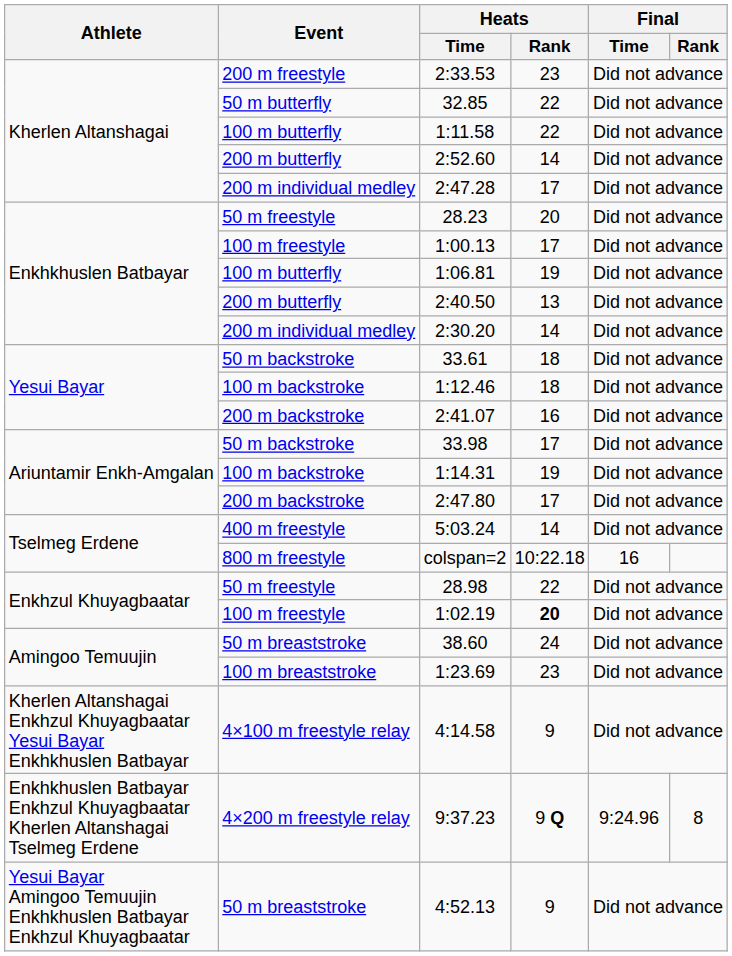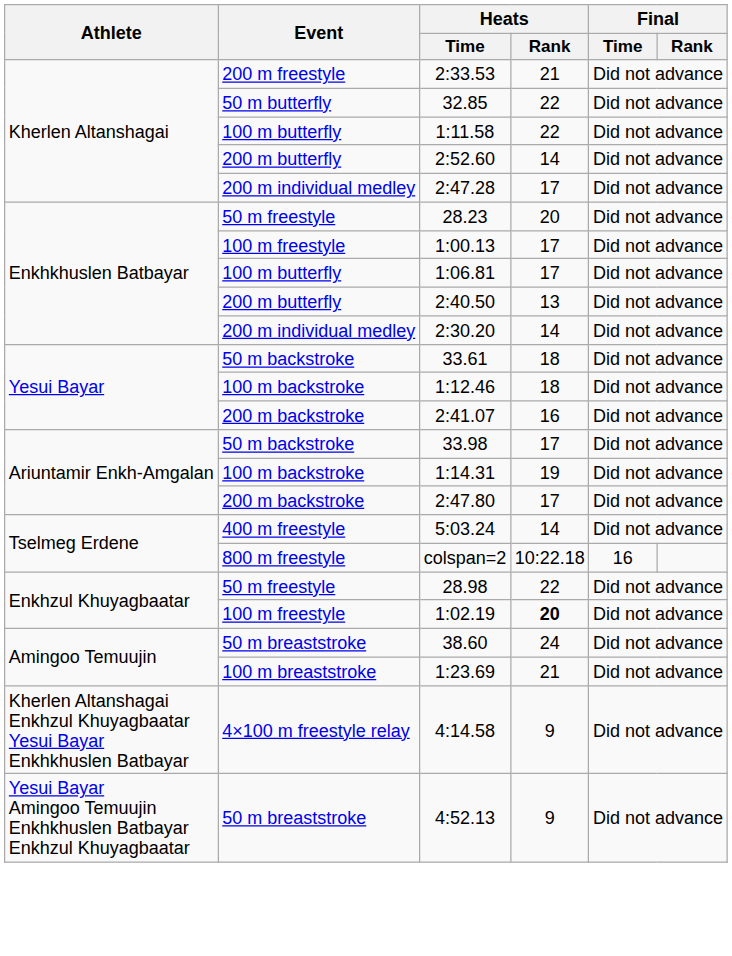 <table class=wikitable style=font-size:90%;text-align:center>
 <tr>
 <th rowspan="2">Athlete</th>
 <th rowspan="2">Event</th>
 <th colspan="2">Heats</th>
 <th colspan="2">Final</th>
 </tr>
 <tr style="font-size:95%">
 <th>Time</th>
 <th>Rank</th>
 <th>Time</th>
 <th>Rank</th>
 </tr>
 <tr>
 <td align=left rowspan=5>Kherlen Altanshagai</td>
 <td align=left><a href='#'>200 m freestyle</a></td>
 <td>2:33.53</td>
-<td>23</td>
+<td>21</td>
 <td colspan=2>Did not advance</td>
 </tr>
 <tr>
 <td align=left><a href='#'>50 m butterfly</a></td>
 <td>32.85</td>
 <td>22</td>
 <td colspan=2>Did not advance</td>
 </tr>
 <tr>
 <td align=left><a href='#'>100 m butterfly</a></td>
 <td>1:11.58</td>
 <td>22</td>
 <td colspan=2>Did not advance</td>
 </tr>
 <tr>
 <td align=left><a href='#'>200 m butterfly</a></td>
 <td>2:52.60</td>
 <td>14</td>
 <td colspan=2>Did not advance</td>
 </tr>
 <tr>
 <td align=left><a href='#'>200 m individual medley</a></td>
 <td>2:47.28</td>
 <td>17</td>
 <td colspan=2>Did not advance</td>
 </tr>
 <tr>
 <td align=left rowspan=5>Enkhkhuslen Batbayar</td>
 <td align=left><a href='#'>50 m freestyle</a></td>
 <td>28.23</td>
 <td>20</td>
 <td colspan=2>Did not advance</td>
 </tr>
 <tr>
 <td align=left><a href='#'>100 m freestyle</a></td>
 <td>1:00.13</td>
 <td>17</td>
 <td colspan=2>Did not advance</td>
 </tr>
 <tr>
 <td align=left><a href='#'>100 m butterfly</a></td>
 <td>1:06.81</td>
-<td>19</td>
+<td>17</td>
 <td colspan=2>Did not advance</td>
 </tr>
 <tr>
 <td align=left><a href='#'>200 m butterfly</a></td>
 <td>2:40.50</td>
 <td>13</td>
 <td colspan=2>Did not advance</td>
 </tr>
 <tr>
 <td align=left><a href='#'>200 m individual medley</a></td>
 <td>2:30.20</td>
 <td>14</td>
 <td colspan=2>Did not advance</td>
 </tr>
 <tr>
 <td align=left rowspan=3><a href='#'>Yesui Bayar</a></td>
 <td align=left><a href='#'>50 m backstroke</a></td>
 <td>33.61</td>
 <td>18</td>
 <td colspan=2>Did not advance</td>
 </tr>
 <tr>
 <td align=left><a href='#'>100 m backstroke</a></td>
 <td>1:12.46</td>
 <td>18</td>
 <td colspan=2>Did not advance</td>
 </tr>
 <tr>
 <td align=left><a href='#'>200 m backstroke</a></td>
 <td>2:41.07</td>
 <td>16</td>
 <td colspan=2>Did not advance</td>
 </tr>
 <tr>
 <td align=left rowspan=3>Ariuntamir Enkh-Amgalan</td>
 <td align=left><a href='#'>50 m backstroke</a></td>
 <td>33.98</td>
 <td>17</td>
 <td colspan=2>Did not advance</td>
 </tr>
 <tr>
 <td align=left><a href='#'>100 m backstroke</a></td>
 <td>1:14.31</td>
 <td>19</td>
 <td colspan=2>Did not advance</td>
 </tr>
 <tr>
 <td align=left><a href='#'>200 m backstroke</a></td>
 <td>2:47.80</td>
 <td>17</td>
 <td colspan=2>Did not advance</td>
 </tr>
 <tr>
 <td align=left rowspan=2>Tselmeg Erdene</td>
 <td align=left><a href='#'>400 m freestyle</a></td>
 <td>5:03.24</td>
 <td>14</td>
 <td colspan=2>Did not advance</td>
 </tr>
 <tr>
 <td align=left><a href='#'>800 m freestyle</a></td>
 <td>colspan=2 </td>
 <td>10:22.18</td>
 <td>16</td>
 </tr>
 <tr>
 <td align=left rowspan=2>Enkhzul Khuyagbaatar</td>
 <td align=left><a href='#'>50 m freestyle</a></td>
 <td>28.98</td>
 <td>22</td>
 <td colspan=2>Did not advance</td>
 </tr>
 <tr>
 <td align=left><a href='#'>100 m freestyle</a></td>
 <td>1:02.19</td>
 <td><strong>20</strong></td>
 <td colspan=2>Did not advance</td>
 </tr>
 <tr>
 <td align=left rowspan=2>Amingoo Temuujin</td>
 <td align=left><a href='#'>50 m breaststroke</a></td>
 <td>38.60</td>
 <td>24</td>
 <td colspan=2>Did not advance</td>
 </tr>
 <tr>
 <td align=left><a href='#'>100 m breaststroke</a></td>
 <td>1:23.69</td>
-<td>23</td>
+<td>21</td>
 <td colspan=2>Did not advance</td>
 </tr>
 <tr>
 <td align=left>Kherlen Altanshagai<br>Enkhzul Khuyagbaatar<br><a href='#'>Yesui Bayar</a><br>Enkhkhuslen Batbayar</td>
 <td align=left><a href='#'>4×100 m freestyle relay</a></td>
 <td>4:14.58</td>
 <td>9</td>
 <td colspan=2>Did not advance</td>
 </tr>
 <tr>
-<td align=left>Enkhkhuslen Batbayar<br>Enkhzul Khuyagbaatar<br>Kherlen Altanshagai<br>Tselmeg Erdene</td>
-<td align=left><a href='#'>4×200 m freestyle relay</a></td>
-<td>9:37.23</td>
-<td>9 <strong>Q</strong></td>
-<td>9:24.96</td>
-<td>8</td>
-</tr>
-<tr>
 <td align=left><a href='#'>Yesui Bayar</a><br>Amingoo Temuujin<br>Enkhkhuslen Batbayar<br>Enkhzul Khuyagbaatar</td>
 <td align=left><a href='#'>50 m breaststroke</a></td>
 <td>4:52.13</td>
 <td>9</td>
 <td colspan=2>Did not advance</td>
 </tr>
 </table>
